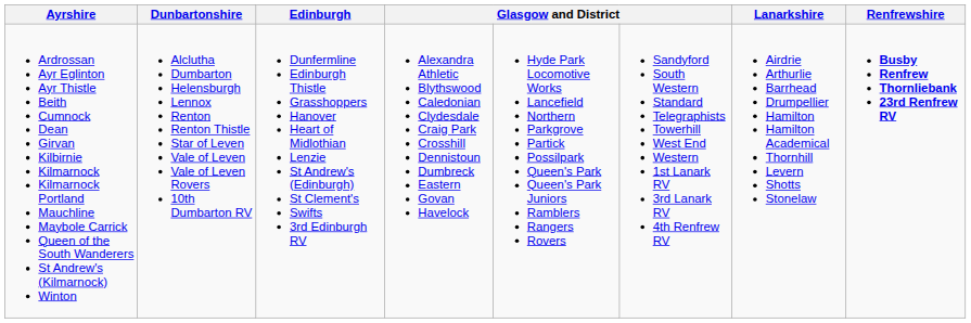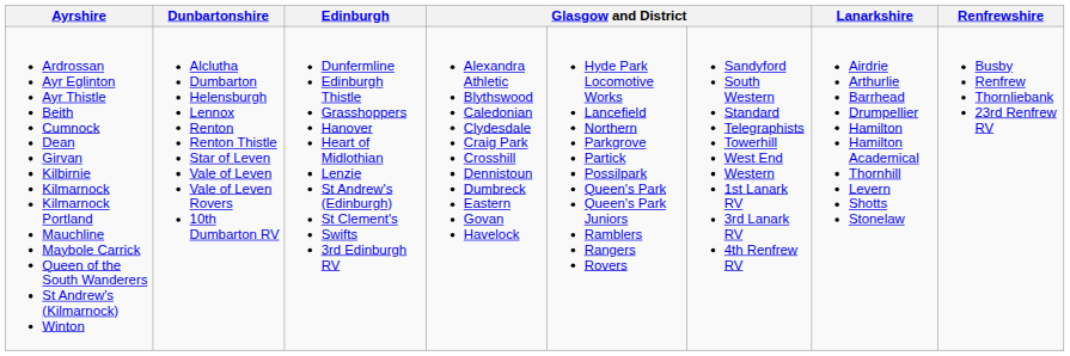 <table class="wikitable" style="text-align:left">
 <tr>
 <th scope="col"><a href='#'>Ayrshire</a></th>
 <th scope="col"><a href='#'>Dunbartonshire</a></th>
 <th scope="col"><a href='#'>Edinburgh</a></th>
 <th colspan=3 scope="col"><a href='#'>Glasgow</a> and District</th>
 <th scope="col"><a href='#'>Lanarkshire</a></th>
 <th scope="col"><a href='#'>Renfrewshire</a></th>
 </tr>
 <tr>
 <td valign=top><br><ul><li><a href='#'>Ardrossan</a></li><li><a href='#'>Ayr Eglinton</a></li><li><a href='#'>Ayr Thistle</a></li><li><a href='#'>Beith</a></li><li><a href='#'>Cumnock</a></li><li><a href='#'>Dean</a></li><li><a href='#'>Girvan</a></li><li><a href='#'>Kilbirnie</a></li><li><a href='#'>Kilmarnock</a></li><li><a href='#'>Kilmarnock Portland</a></li><li><a href='#'>Mauchline</a></li><li><a href='#'>Maybole Carrick</a></li><li><a href='#'>Queen of the South Wanderers</a></li><li><a href='#'>St Andrew's (Kilmarnock)</a></li><li><a href='#'>Winton</a></li></ul></td>
 <td valign=top><br><ul><li><a href='#'>Alclutha</a></li><li><a href='#'>Dumbarton</a></li><li><a href='#'>Helensburgh</a></li><li><a href='#'>Lennox</a></li><li><a href='#'>Renton</a></li><li><a href='#'>Renton Thistle</a></li><li><a href='#'>Star of Leven</a></li><li><a href='#'>Vale of Leven</a></li><li><a href='#'>Vale of Leven Rovers</a></li><li><a href='#'>10th Dumbarton RV</a></li></ul></td>
 <td valign=top><br><ul><li><a href='#'>Dunfermline</a></li><li><a href='#'>Edinburgh Thistle</a></li><li><a href='#'>Grasshoppers</a></li><li><a href='#'>Hanover</a></li><li><a href='#'>Heart of Midlothian</a></li><li><a href='#'>Lenzie</a></li><li><a href='#'>St Andrew's (Edinburgh)</a></li><li><a href='#'>St Clement's</a></li><li><a href='#'>Swifts</a></li><li><a href='#'>3rd Edinburgh RV</a></li></ul></td>
 <td valign=top><br><ul><li><a href='#'>Alexandra Athletic</a></li><li><a href='#'>Blythswood</a></li><li><a href='#'>Caledonian</a></li><li><a href='#'>Clydesdale</a></li><li><a href='#'>Craig Park</a></li><li><a href='#'>Crosshill</a></li><li><a href='#'>Dennistoun</a></li><li><a href='#'>Dumbreck</a></li><li><a href='#'>Eastern</a></li><li><a href='#'>Govan</a></li><li><a href='#'>Havelock</a></li></ul></td>
 <td valign=top><br><ul><li><a href='#'>Hyde Park Locomotive Works</a></li><li><a href='#'>Lancefield</a></li><li><a href='#'>Northern</a></li><li><a href='#'>Parkgrove</a></li><li><a href='#'>Partick</a></li><li><a href='#'>Possilpark</a></li><li><a href='#'>Queen's Park</a></li><li><a href='#'>Queen's Park Juniors</a></li><li><a href='#'>Ramblers</a></li><li><a href='#'>Rangers</a></li><li><a href='#'>Rovers</a></li></ul></td>
 <td valign=top><br><ul><li><a href='#'>Sandyford</a></li><li><a href='#'>South Western</a></li><li><a href='#'>Standard</a></li><li><a href='#'>Telegraphists</a></li><li><a href='#'>Towerhill</a></li><li><a href='#'>West End</a></li><li><a href='#'>Western</a></li><li><a href='#'>1st Lanark RV</a></li><li><a href='#'>3rd Lanark RV</a></li><li><a href='#'>4th Renfrew RV</a></li></ul></td>
 <td valign=top><br><ul><li><a href='#'>Airdrie</a></li><li><a href='#'>Arthurlie</a></li><li><a href='#'>Barrhead</a></li><li><a href='#'>Drumpellier</a></li><li><a href='#'>Hamilton</a></li><li><a href='#'>Hamilton Academical</a></li><li><a href='#'>Thornhill</a></li><li><a href='#'>Levern</a></li><li><a href='#'>Shotts</a></li><li><a href='#'>Stonelaw</a></li></ul></td>
-<td valign=top><strong><br><ul><li><a href='#'>Busby</a></li><li><a href='#'>Renfrew</a></li><li><a href='#'>Thornliebank</a></li><li><a href='#'>23rd Renfrew RV</a></li></ul></strong></td>
+<td valign=top><br><ul><li><a href='#'>Busby</a></li><li><a href='#'>Renfrew</a></li><li><a href='#'>Thornliebank</a></li><li><a href='#'>23rd Renfrew RV</a></li></ul></td>
 </tr>
 </table>
